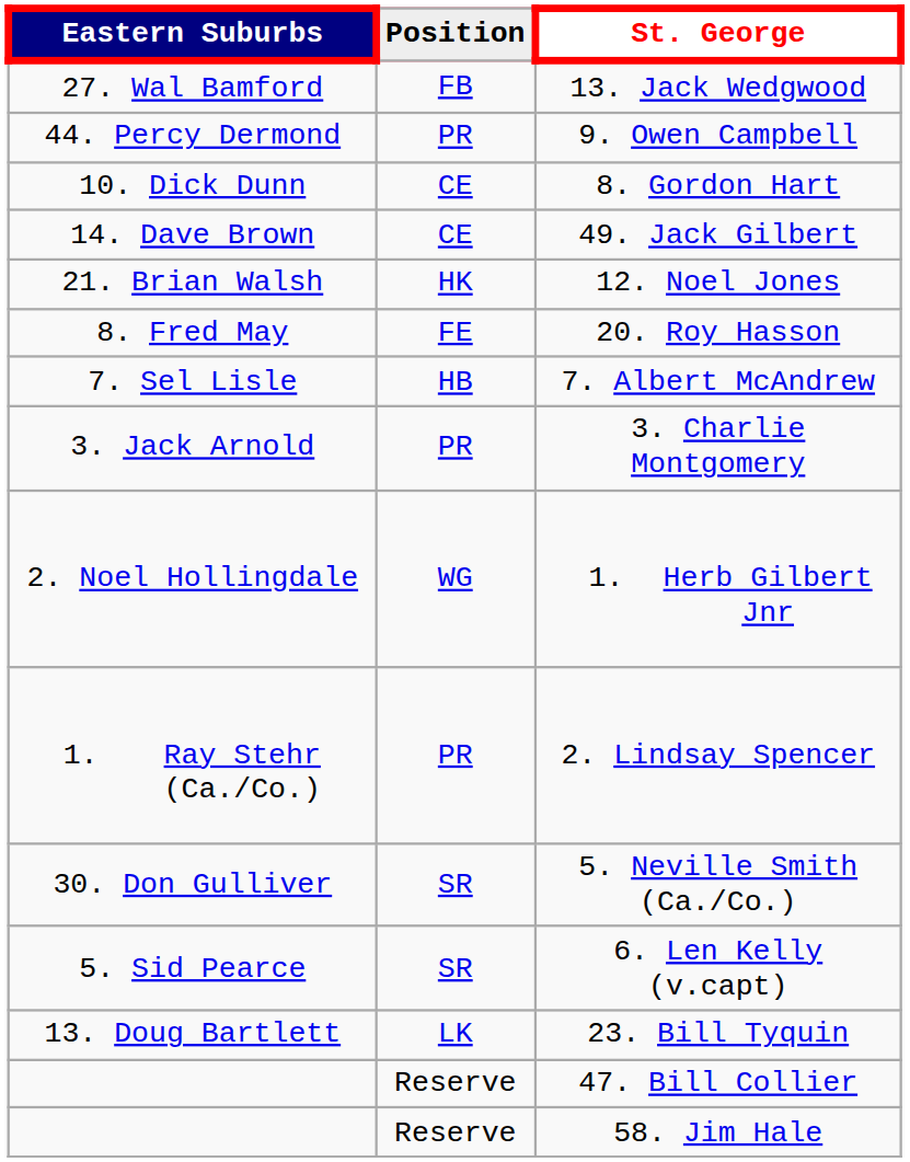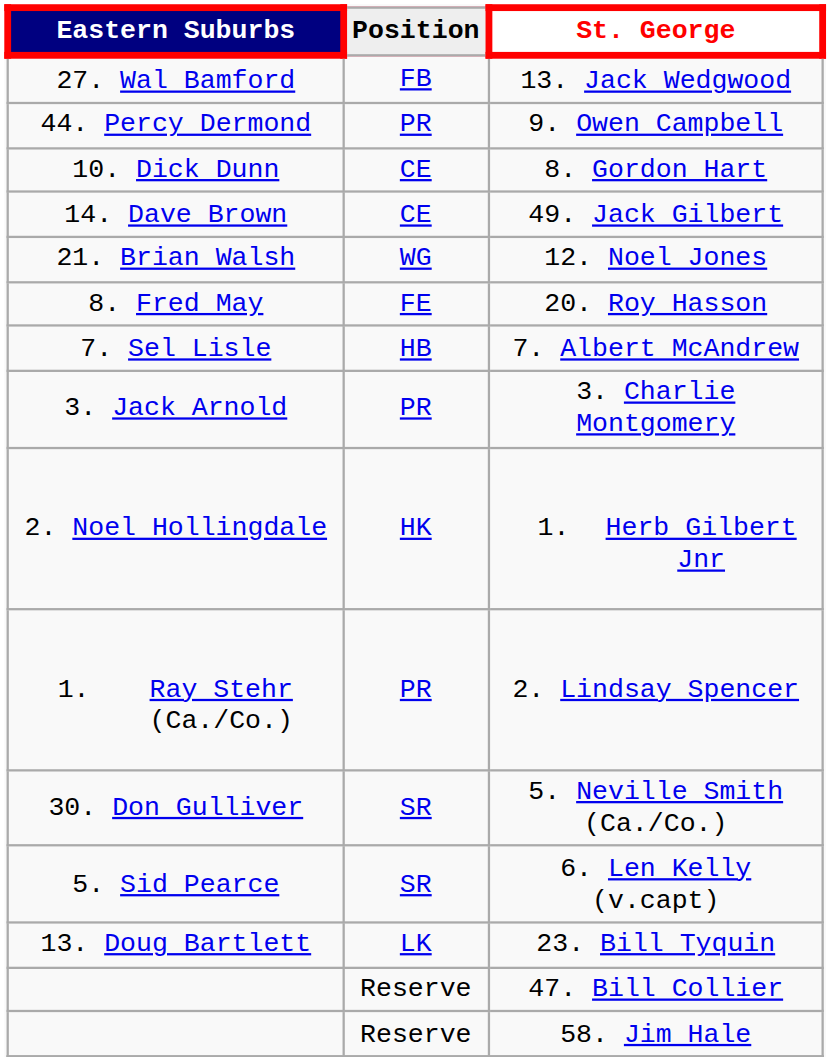 <table align="right" class="wikitable" style="font-size:90%; margin-left:1em">
 <tr bgcolor="#FF0033">
 <th style="width:140px; border:3px solid red; background: navy; color: white">Eastern Suburbs</th>
 <th style="width:40px; text-align:center; background:#eee; color:black;">Position</th>
 <th style="width:140px; border:3px solid red; background: white; color: red">St. George</th>
 </tr>
 <tr align=center>
 <td>27. <a href='#'>Wal Bamford</a></td>
 <td><a href='#'>FB</a></td>
 <td>13. <a href='#'>Jack Wedgwood</a></td>
 </tr>
 <tr align=center>
 <td>44. <a href='#'>Percy Dermond</a></td>
 <td><a href='#'>PR</a></td>
 <td>9. <a href='#'>Owen Campbell</a></td>
 </tr>
 <tr align=center>
 <td>10. <a href='#'>Dick Dunn</a></td>
 <td><a href='#'>CE</a></td>
 <td>8. <a href='#'>Gordon Hart</a></td>
 </tr>
 <tr align=center>
 <td>14. <a href='#'>Dave Brown</a></td>
 <td><a href='#'>CE</a></td>
 <td>49. <a href='#'>Jack Gilbert</a></td>
 </tr>
 <tr align=center>
 <td>21. <a href='#'>Brian Walsh</a></td>
-<td><a href='#'>HK</a></td>
+<td><a href='#'>WG</a></td>
 <td>12. <a href='#'>Noel Jones</a></td>
 </tr>
 <tr align=center>
 <td>8. <a href='#'>Fred May</a></td>
 <td><a href='#'>FE</a></td>
 <td>20. <a href='#'>Roy Hasson</a></td>
 </tr>
 <tr align=center>
 <td>7. <a href='#'>Sel Lisle</a></td>
 <td><a href='#'>HB</a></td>
 <td>7. <a href='#'>Albert McAndrew</a></td>
 </tr>
 <tr align=center>
 <td>3. <a href='#'>Jack Arnold</a></td>
 <td><a href='#'>PR</a></td>
 <td>3. <a href='#'>Charlie Montgomery</a></td>
 </tr>
 <tr align=center>
 <td>2. <a href='#'>Noel Hollingdale</a></td>
-<td><a href='#'>WG</a></td>
+<td><a href='#'>HK</a></td>
 <td><br><ol><li><a href='#'>Herb Gilbert Jnr</a></li></ol></td>
 </tr>
 <tr align=center>
 <td><br><ol><li><a href='#'>Ray Stehr</a> (Ca./Co.)</li></ol></td>
 <td><a href='#'>PR</a></td>
 <td>2. <a href='#'>Lindsay Spencer</a></td>
 </tr>
 <tr align=center>
 <td>30. <a href='#'>Don Gulliver</a></td>
 <td><a href='#'>SR</a></td>
 <td>5. <a href='#'>Neville Smith</a> (Ca./Co.)</td>
 </tr>
 <tr align=center>
 <td>5. <a href='#'>Sid Pearce</a></td>
 <td><a href='#'>SR</a></td>
 <td>6. <a href='#'>Len Kelly</a> (v.capt)</td>
 </tr>
 <tr align=center>
 <td>13. <a href='#'>Doug Bartlett</a></td>
 <td><a href='#'>LK</a></td>
 <td>23. <a href='#'>Bill Tyquin</a></td>
 </tr>
 <tr align=center>
 <td></td>
 <td>Reserve</td>
 <td>47. <a href='#'>Bill Collier</a></td>
 </tr>
 <tr align=center>
 <td></td>
 <td>Reserve</td>
 <td>58. <a href='#'>Jim Hale</a></td>
 </tr>
 <tr>
 </tr>
 </table>
